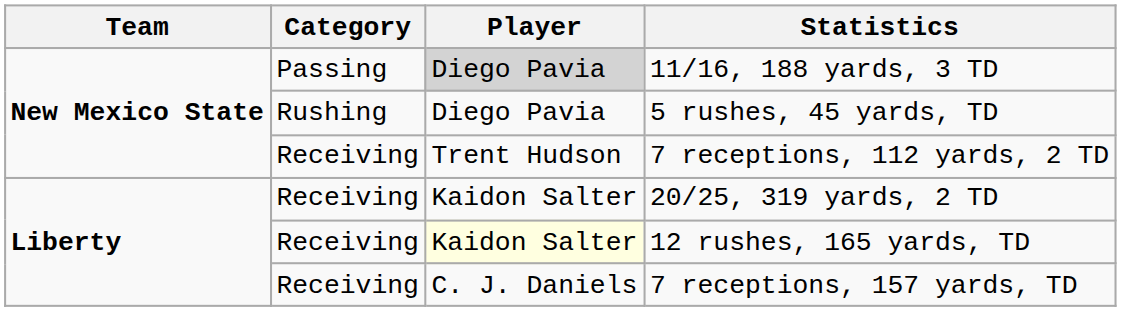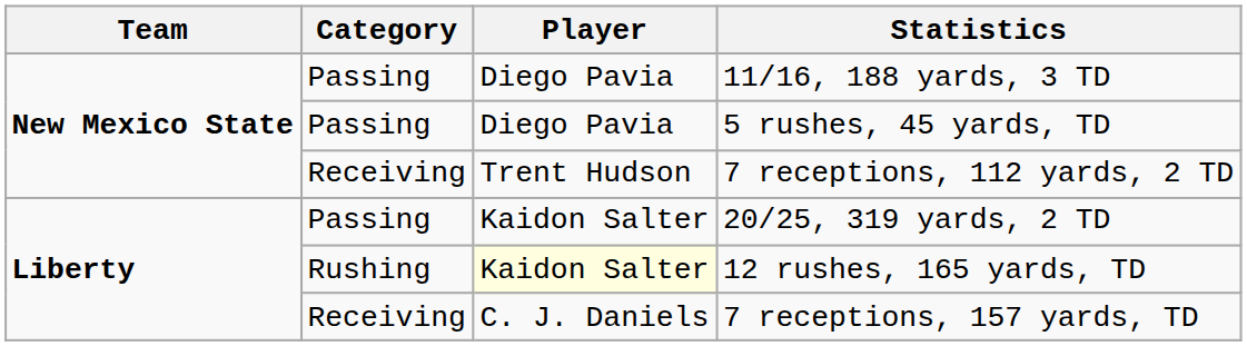 <table class="wikitable" style="float: right;">
 <tr>
 <th>Team</th>
 <th>Category</th>
 <th>Player</th>
 <th>Statistics</th>
 </tr>
 <tr>
 <td rowspan=3><strong>New Mexico State</strong></td>
 <td>Passing</td>
-<td style="background: lightgrey;">Diego Pavia</td>
+<td>Diego Pavia</td>
 <td>11/16, 188 yards, 3 TD</td>
 </tr>
 <tr>
-<td>Rushing</td>
+<td>Passing</td>
 <td>Diego Pavia</td>
 <td>5 rushes, 45 yards, TD</td>
 </tr>
 <tr>
 <td>Receiving</td>
 <td>Trent Hudson</td>
 <td>7 receptions, 112 yards, 2 TD</td>
 </tr>
 <tr>
 <td rowspan=3><strong>Liberty</strong></td>
-<td>Receiving</td>
+<td>Passing</td>
 <td>Kaidon Salter</td>
 <td>20/25, 319 yards, 2 TD</td>
 </tr>
 <tr>
-<td>Receiving</td>
+<td>Rushing</td>
 <td style="background: lightyellow;">Kaidon Salter</td>
 <td>12 rushes, 165 yards, TD</td>
 </tr>
 <tr>
 <td>Receiving</td>
 <td>C. J. Daniels</td>
 <td>7 receptions, 157 yards, TD</td>
 </tr>
 </table>
